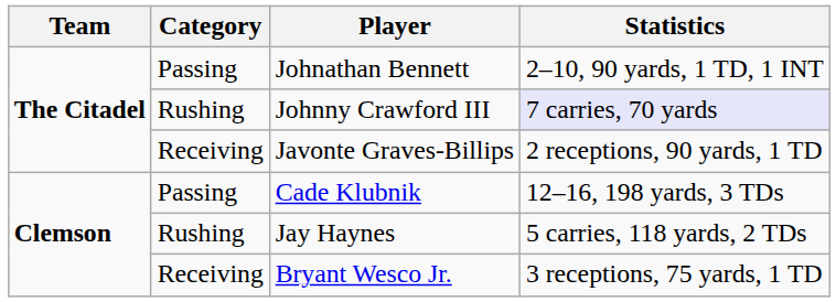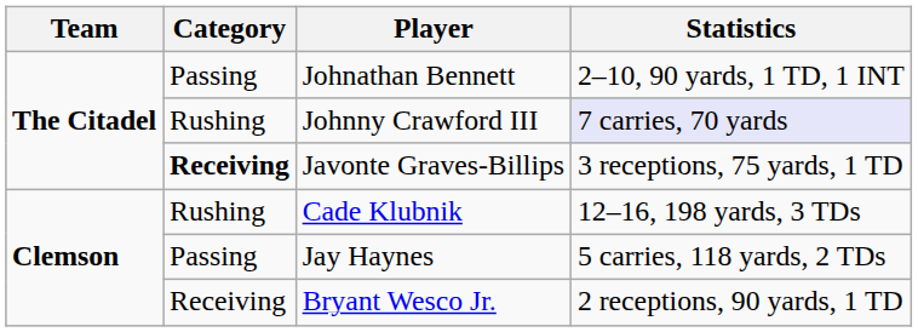 <table class="wikitable" style="float: right;">
 <tr>
 <th>Team</th>
 <th>Category</th>
 <th>Player</th>
 <th>Statistics</th>
 </tr>
 <tr>
 <td rowspan=3><strong>The Citadel</strong></td>
 <td>Passing</td>
 <td>Johnathan Bennett</td>
 <td>2–10, 90 yards, 1 TD, 1 INT</td>
 </tr>
 <tr>
 <td>Rushing</td>
 <td>Johnny Crawford III</td>
 <td style="background: lavender;">7 carries, 70 yards</td>
 </tr>
 <tr>
-<td>Receiving</td>
+<td><strong>Receiving</strong></td>
 <td>Javonte Graves-Billips</td>
-<td>2 receptions, 90 yards, 1 TD</td>
+<td>3 receptions, 75 yards, 1 TD</td>
 </tr>
 <tr>
 <td rowspan=3><strong>Clemson</strong></td>
-<td>Passing</td>
+<td>Rushing</td>
 <td><a href='#'>Cade Klubnik</a></td>
 <td>12–16, 198 yards, 3 TDs</td>
 </tr>
 <tr>
-<td>Rushing</td>
+<td>Passing</td>
 <td>Jay Haynes</td>
 <td>5 carries, 118 yards, 2 TDs</td>
 </tr>
 <tr>
 <td>Receiving</td>
 <td><a href='#'>Bryant Wesco Jr.</a></td>
-<td>3 receptions, 75 yards, 1 TD</td>
+<td>2 receptions, 90 yards, 1 TD</td>
 </tr>
 </table>
